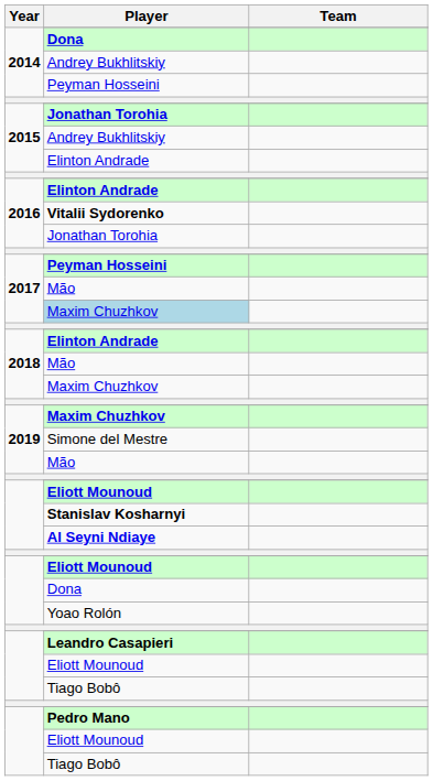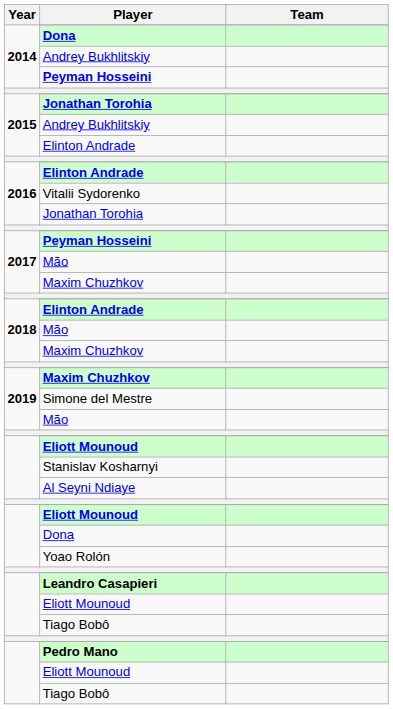 <table class="wikitable">
 <tr>
 <th>Year</th>
 <th width=220>Player</th>
 <th width=190>Team</th>
 </tr>
 <tr>
 <td rowspan="4" style="text-align:center;"><strong>2014</strong></td>
 </tr>
 <tr bgcolor=#ccffcc>
 <td><strong><a href='#'>Dona</a></strong></td>
 <td><strong></strong></td>
 </tr>
 <tr>
 <td><a href='#'>Andrey Bukhlitskiy</a></td>
 <td></td>
 </tr>
 <tr>
-<td><a href='#'>Peyman Hosseini</a></td>
+<td><strong><a href='#'>Peyman Hosseini</a></strong></td>
 <td></td>
 </tr>
 <tr>
 <th colspan=3></th>
 </tr>
 <tr>
 <td rowspan="4" style="text-align:center;"><strong>2015</strong></td>
 </tr>
 <tr bgcolor=#ccffcc>
 <td><strong><a href='#'>Jonathan Torohia</a></strong></td>
 <td><strong></strong></td>
 </tr>
 <tr>
 <td><a href='#'>Andrey Bukhlitskiy</a></td>
 <td></td>
 </tr>
 <tr>
 <td><a href='#'>Elinton Andrade</a></td>
 <td></td>
 </tr>
 <tr>
 <th colspan=3></th>
 </tr>
 <tr>
 <td rowspan="4" style="text-align:center;"><strong>2016</strong></td>
 </tr>
 <tr bgcolor=#ccffcc>
 <td><strong><a href='#'>Elinton Andrade</a></strong></td>
 <td><strong></strong></td>
 </tr>
 <tr>
-<td><strong>Vitalii Sydorenko</strong></td>
+<td>Vitalii Sydorenko</td>
 <td></td>
 </tr>
 <tr>
 <td><a href='#'>Jonathan Torohia</a></td>
 <td></td>
 </tr>
 <tr>
 <th colspan=3></th>
 </tr>
 <tr>
 <td rowspan="4" style="text-align:center;"><strong>2017</strong></td>
 </tr>
 <tr bgcolor=#ccffcc>
 <td><strong><a href='#'>Peyman Hosseini</a></strong></td>
 <td><strong></strong></td>
 </tr>
 <tr>
 <td><a href='#'>Mão</a></td>
 <td></td>
 </tr>
 <tr>
-<td style="background: lightblue;"><a href='#'>Maxim Chuzhkov</a></td>
+<td><a href='#'>Maxim Chuzhkov</a></td>
 <td></td>
 </tr>
 <tr>
 <th colspan=3></th>
 </tr>
 <tr>
 <td rowspan="4" style="text-align:center;"><strong>2018</strong></td>
 </tr>
 <tr bgcolor=#ccffcc>
 <td><strong><a href='#'>Elinton Andrade</a></strong></td>
 <td><strong></strong></td>
 </tr>
 <tr>
 <td><a href='#'>Mão</a></td>
 <td></td>
 </tr>
 <tr>
 <td><a href='#'>Maxim Chuzhkov</a></td>
 <td></td>
 </tr>
 <tr>
 <th colspan=3></th>
 </tr>
 <tr>
 <td rowspan="4" style="text-align:center;"><strong>2019</strong></td>
 </tr>
 <tr bgcolor=#ccffcc>
 <td><strong><a href='#'>Maxim Chuzhkov</a></strong></td>
 <td><strong></strong></td>
 </tr>
 <tr>
 <td>Simone del Mestre</td>
 <td></td>
 </tr>
 <tr>
 <td><a href='#'>Mão</a></td>
 <td></td>
 </tr>
 <tr>
 <th colspan=3></th>
 </tr>
 <tr>
 <td rowspan="4"></td>
 </tr>
 <tr bgcolor=#ccffcc>
 <td><strong><a href='#'>Eliott Mounoud</a></strong></td>
 <td><strong></strong></td>
 </tr>
 <tr>
-<td><strong>Stanislav Kosharnyi</strong></td>
+<td>Stanislav Kosharnyi</td>
 <td></td>
 </tr>
 <tr>
-<td><strong><a href='#'>Al Seyni Ndiaye</a></strong></td>
+<td><a href='#'>Al Seyni Ndiaye</a></td>
 <td></td>
 </tr>
 <tr>
 <th colspan=3></th>
 </tr>
 <tr>
 <td rowspan="4"></td>
 </tr>
 <tr bgcolor=#ccffcc>
 <td><strong><a href='#'>Eliott Mounoud</a></strong></td>
 <td><strong></strong></td>
 </tr>
 <tr>
 <td><a href='#'>Dona</a></td>
 <td></td>
 </tr>
 <tr>
 <td>Yoao Rolón</td>
 <td></td>
 </tr>
 <tr>
 <th colspan=3></th>
 </tr>
 <tr>
 <td rowspan="4"></td>
 </tr>
 <tr bgcolor=#ccffcc>
 <td><strong>Leandro Casapieri</strong></td>
 <td><strong></strong></td>
 </tr>
 <tr>
 <td><a href='#'>Eliott Mounoud</a></td>
 <td></td>
 </tr>
 <tr>
 <td>Tiago Bobô</td>
 <td></td>
 </tr>
 <tr>
 <th colspan=3></th>
 </tr>
 <tr>
 <td rowspan="4"></td>
 </tr>
 <tr bgcolor=#ccffcc>
 <td><strong>Pedro Mano</strong></td>
 <td><strong></strong></td>
 </tr>
 <tr>
 <td><a href='#'>Eliott Mounoud</a></td>
 <td></td>
 </tr>
 <tr>
 <td>Tiago Bobô</td>
 <td></td>
 </tr>
 </table>
